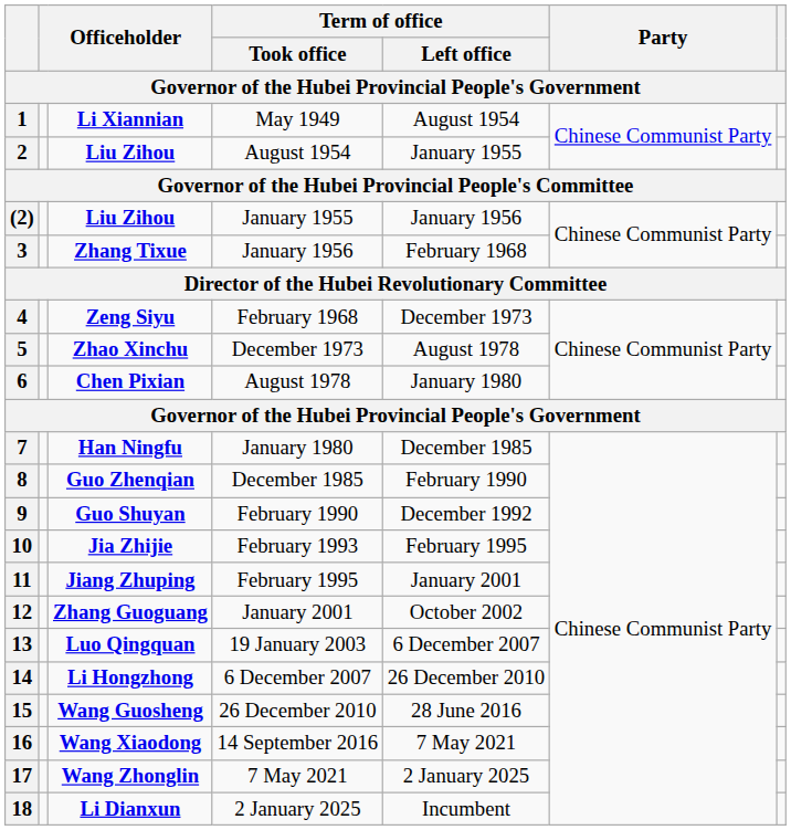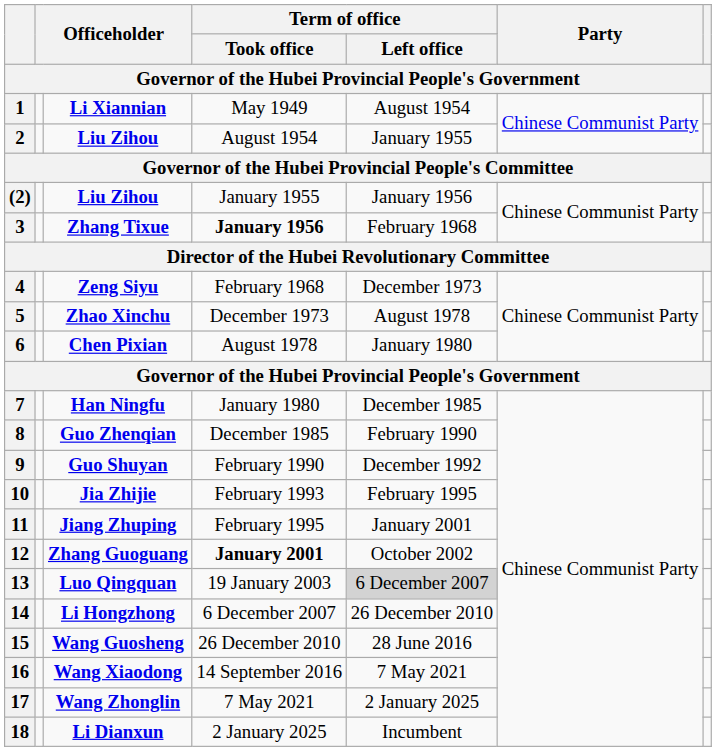 <table class="wikitable" style="text-align:center">
 <tr>
 <th rowspan="2"></th>
 <th colspan="2" rowspan="2">Officeholder</th>
 <th colspan="2">Term of office</th>
 <th rowspan="2">Party</th>
 <th rowspan="2"></th>
 </tr>
 <tr>
 <th>Took office</th>
 <th>Left office</th>
 </tr>
 <tr>
 <th colspan="7">Governor of the Hubei Provincial People's Government</th>
 </tr>
 <tr>
 <th>1</th>
 <td></td>
 <td><strong><a href='#'>Li Xiannian</a></strong><br></td>
 <td>May 1949</td>
 <td>August 1954</td>
 <td rowspan="2"><a href='#'>Chinese Communist Party</a></td>
 <td></td>
 </tr>
 <tr>
 <th>2</th>
 <td></td>
 <td><strong><a href='#'>Liu Zihou</a></strong><br></td>
 <td>August 1954</td>
 <td>January 1955</td>
 <td></td>
 </tr>
 <tr>
 <th colspan="7">Governor of the Hubei Provincial People's Committee</th>
 </tr>
 <tr>
 <th>(2)</th>
 <td></td>
 <td><a href='#'><strong>Liu Zihou</strong></a><br></td>
 <td>January 1955</td>
 <td>January 1956</td>
 <td rowspan="2">Chinese Communist Party</td>
 <td></td>
 </tr>
 <tr>
 <th>3</th>
 <td></td>
 <td><strong><a href='#'>Zhang Tixue</a></strong><br></td>
-<td>January 1956</td>
+<td><strong>January 1956</strong></td>
 <td>February 1968</td>
 <td></td>
 </tr>
 <tr>
 <th colspan="7">Director of the Hubei Revolutionary Committee</th>
 </tr>
 <tr>
 <th>4</th>
 <td></td>
 <td><strong><a href='#'>Zeng Siyu</a></strong><br></td>
 <td>February 1968</td>
 <td>December 1973</td>
 <td rowspan="3">Chinese Communist Party</td>
 <td></td>
 </tr>
 <tr>
 <th>5</th>
 <td></td>
 <td><strong><a href='#'>Zhao Xinchu</a></strong><br></td>
 <td>December 1973</td>
 <td>August 1978</td>
 <td></td>
 </tr>
 <tr>
 <th>6</th>
 <td></td>
 <td><strong><a href='#'>Chen Pixian</a></strong><br></td>
 <td>August 1978</td>
 <td>January 1980</td>
 <td></td>
 </tr>
 <tr>
 <th colspan="7">Governor of the Hubei Provincial People's Government</th>
 </tr>
 <tr>
 <th>7</th>
 <td></td>
 <td><strong><a href='#'>Han Ningfu</a></strong><br></td>
 <td>January 1980</td>
 <td>December 1985</td>
 <td rowspan="12">Chinese Communist Party</td>
 <td></td>
 </tr>
 <tr>
 <th>8</th>
 <td></td>
 <td><strong><a href='#'>Guo Zhenqian</a></strong><br></td>
 <td>December 1985</td>
 <td>February 1990</td>
 <td></td>
 </tr>
 <tr>
 <th>9</th>
 <td></td>
 <td><strong><a href='#'>Guo Shuyan</a></strong><br></td>
 <td>February 1990</td>
 <td>December 1992</td>
 <td></td>
 </tr>
 <tr>
 <th>10</th>
 <td></td>
 <td><strong><a href='#'>Jia Zhijie</a></strong><br></td>
 <td>February 1993</td>
 <td>February 1995</td>
 <td></td>
 </tr>
 <tr>
 <th>11</th>
 <td></td>
 <td><strong><a href='#'>Jiang Zhuping</a></strong><br></td>
 <td>February 1995</td>
 <td>January 2001</td>
 <td></td>
 </tr>
 <tr>
 <th>12</th>
 <td></td>
 <td><strong><a href='#'>Zhang Guoguang</a></strong><br></td>
-<td>January 2001</td>
+<td><strong>January 2001</strong></td>
 <td>October 2002</td>
 <td></td>
 </tr>
 <tr>
 <th>13</th>
 <td></td>
 <td><strong><a href='#'>Luo Qingquan</a></strong><br></td>
 <td>19 January 2003</td>
-<td>6 December 2007</td>
+<td style="background: lightgrey;">6 December 2007</td>
 <td></td>
 </tr>
 <tr>
 <th>14</th>
 <td></td>
 <td><strong><a href='#'>Li Hongzhong</a></strong><br></td>
 <td>6 December 2007</td>
 <td>26 December 2010</td>
 <td></td>
 </tr>
 <tr>
 <th>15</th>
 <td></td>
 <td><strong><a href='#'>Wang Guosheng</a></strong><br></td>
 <td>26 December 2010</td>
 <td>28 June 2016</td>
 <td></td>
 </tr>
 <tr>
 <th>16</th>
 <td></td>
 <td><strong><a href='#'>Wang Xiaodong</a></strong><br></td>
 <td>14 September 2016</td>
 <td>7 May 2021</td>
 <td></td>
 </tr>
 <tr>
 <th>17</th>
 <td></td>
 <td><strong><a href='#'>Wang Zhonglin</a></strong><br></td>
 <td>7 May 2021</td>
 <td>2 January 2025</td>
 <td></td>
 </tr>
 <tr>
 <th>18</th>
 <td></td>
 <td><strong><a href='#'>Li Dianxun</a></strong><br></td>
 <td>2 January 2025</td>
 <td>Incumbent</td>
 <td></td>
 </tr>
 </table>
